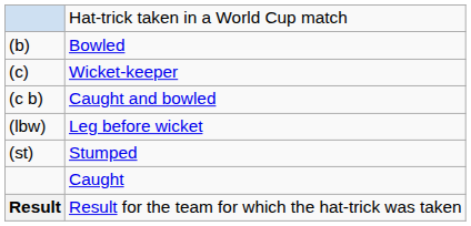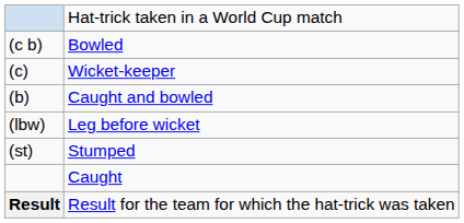 <table class="wikitable plainrowheaders" border="1">
 <tr>
 <td style="background:#cee0f2"></td>
 <td>Hat-trick taken in a World Cup match</td>
 </tr>
 <tr>
-<td>(b)</td>
+<td>(c b)</td>
 <td><a href='#'>Bowled</a></td>
 </tr>
 <tr>
 <td>(c)</td>
 <td><a href='#'>Wicket-keeper</a></td>
 </tr>
 <tr>
-<td>(c b)</td>
+<td>(b)</td>
 <td><a href='#'>Caught and bowled</a></td>
 </tr>
 <tr>
 <td>(lbw)</td>
 <td><a href='#'>Leg before wicket</a></td>
 </tr>
 <tr>
 <td>(st)</td>
 <td><a href='#'>Stumped</a></td>
 </tr>
 <tr>
 <td></td>
 <td><a href='#'>Caught</a></td>
 </tr>
 <tr>
 <th scope=row>Result</th>
 <td><a href='#'>Result</a> for the team for which the hat-trick was taken</td>
 </tr>
 </table>
